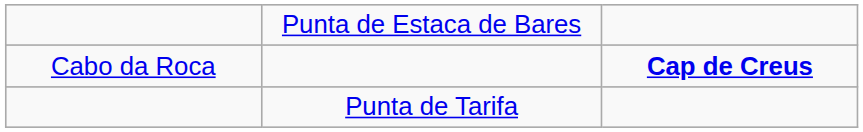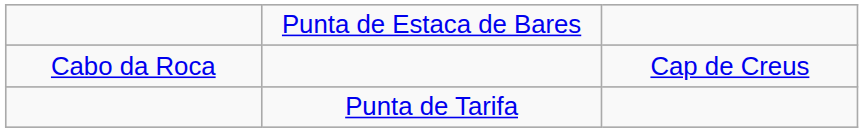 <table class="wikitable" width ="60%" border = 2 align="center" style="margin: auto;">
 <tr>
 <td width ="30%" align="center"></td>
 <td width ="40%" align="center"><a href='#'>Punta de Estaca de Bares</a><br></td>
 <td width ="30%" align="center"></td>
 </tr>
 <tr>
 <td width ="30%" align="center"><a href='#'>Cabo da Roca</a><br></td>
 <td width ="40%" align="center"></td>
-<td width ="30%" align="center"><strong><a href='#'>Cap de Creus</a><br></strong></td>
+<td width ="30%" align="center"><a href='#'>Cap de Creus</a><br></td>
 </tr>
 <tr>
 <td width ="30%" align="center"></td>
 <td width ="40%" align="center"><a href='#'>Punta de Tarifa</a><br></td>
 <td width ="10%" align="center"></td>
 </tr>
 </table>
